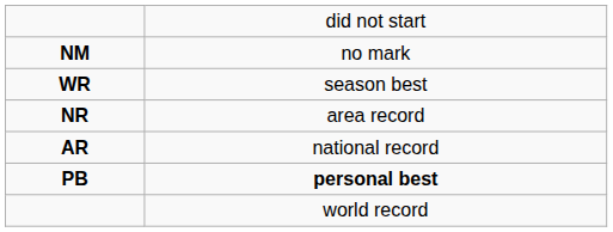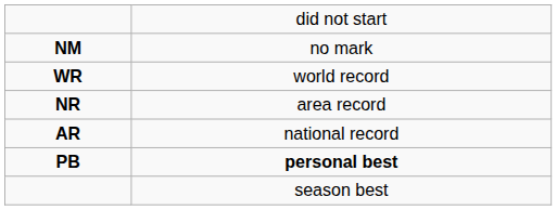 <table class="wikitable" style=" text-align:center; font-size:110%;" width="35%">
 <tr>
 <td><strong></strong></td>
 <td>did not start</td>
 </tr>
 <tr>
 <td><strong>NM</strong></td>
 <td>no mark</td>
 </tr>
 <tr>
 <td><strong>WR</strong></td>
-<td>season best</td>
+<td>world record</td>
 </tr>
 <tr>
 <td><strong>NR</strong></td>
 <td>area record</td>
 </tr>
 <tr>
 <td><strong>AR</strong></td>
 <td>national record</td>
 </tr>
 <tr>
 <td><strong>PB</strong></td>
 <td><strong>personal best</strong></td>
 </tr>
 <tr>
 <td></td>
-<td>world record</td>
+<td>season best</td>
 </tr>
 </table>
